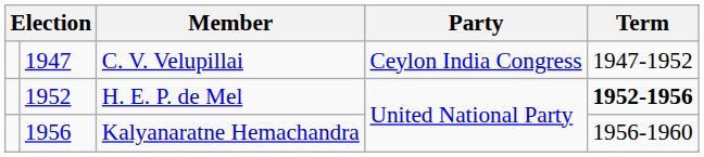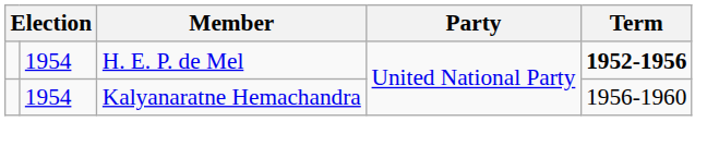 <table class="wikitable">
 <tr>
 <th colspan="2">Election</th>
 <th>Member</th>
 <th>Party</th>
 <th>Term</th>
 </tr>
 <tr>
 <td style="background-color: "></td>
-<td><a href='#'>1947</a></td>
-<td><a href='#'>C. V. Velupillai</a></td>
-<td><a href='#'>Ceylon India Congress</a></td>
-<td>1947-1952</td>
-</tr>
-<tr>
-<td style="background-color: "></td>
-<td><a href='#'>1952</a></td>
+<td><a href='#'>1954</a></td>
 <td><a href='#'>H. E. P. de Mel</a></td>
 <td rowspan=2><a href='#'>United National Party</a></td>
 <td><strong>1952-1956</strong></td>
 </tr>
 <tr>
 <td style="background-color: "></td>
-<td><a href='#'>1956</a></td>
+<td><a href='#'>1954</a></td>
 <td><a href='#'>Kalyanaratne Hemachandra</a></td>
 <td>1956-1960</td>
 </tr>
 </table>
